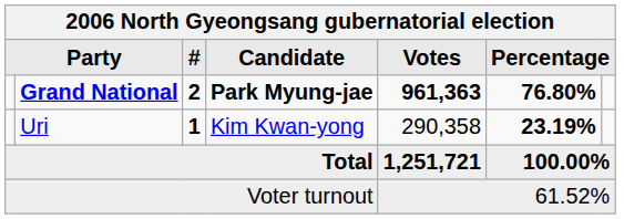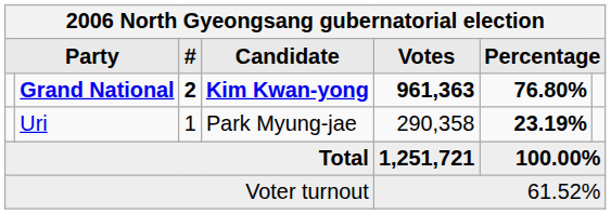 <table class="wikitable">
 <tr>
 <th colspan="7">2006 North Gyeongsang gubernatorial election</th>
 </tr>
 <tr>
 <th style="background-color:#E9E9E9" colspan=2>Party</th>
 <th style="background-color:#E9E9E9">#</th>
 <th style="background-color:#E9E9E9">Candidate</th>
 <th style="background-color:#E9E9E9">Votes</th>
 <th style="background-color:#E9E9E9" colspan=2>Percentage</th>
 </tr>
 <tr style="font-weight:bold">
 <td></td>
 <td align=left><a href='#'>Grand National</a></td>
 <td align=center>2</td>
-<td align=left>Park Myung-jae</td>
+<td align=left><a href='#'>Kim Kwan-yong</a></td>
 <td align=right>961,363</td>
 <td align=right>76.80%</td>
 <td align=right></td>
 </tr>
 <tr>
 <td></td>
 <td align=left><a href='#'>Uri</a></td>
-<td align=center><strong>1</strong></td>
-<td align=left><a href='#'>Kim Kwan-yong</a></td>
+<td align=center>1</td>
+<td align=left>Park Myung-jae</td>
 <td align=right>290,358</td>
 <td align=right><strong>23.19%</strong></td>
 <td align=right></td>
 </tr>
 <tr bgcolor="#EEEEEE" style="font-weight:bold">
 <td colspan="4" align=right>Total</td>
 <td align=right>1,251,721</td>
 <td align=right colspan=2>100.00%</td>
 </tr>
 <tr bgcolor="#EEEEEE">
 <td colspan="4" align="right">Voter turnout</td>
 <td colspan="3" align="right">61.52%</td>
 </tr>
 </table>
